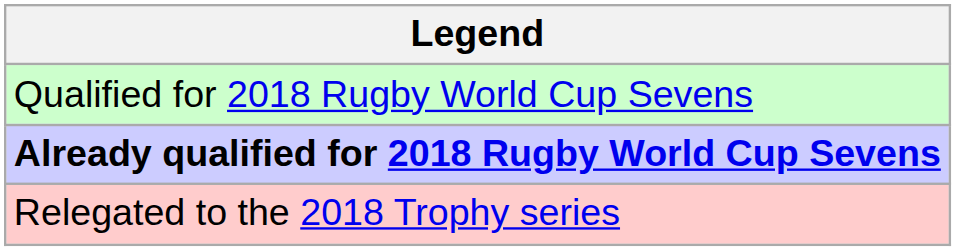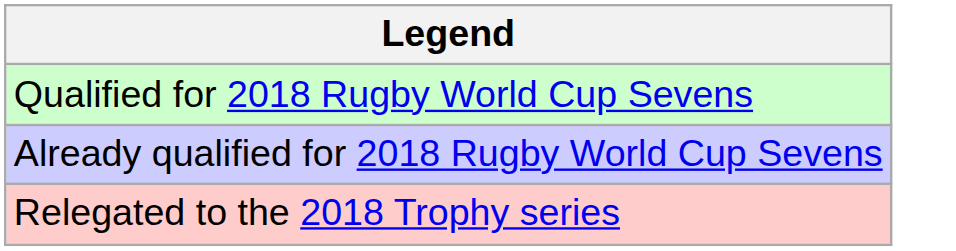 <table class="wikitable">
 <tr>
 <th>Legend</th>
 </tr>
 <tr bgcolor=ccffcc>
 <td>Qualified for <a href='#'>2018 Rugby World Cup Sevens</a></td>
 </tr>
 <tr bgcolor=ccccff>
-<td><strong>Already qualified for <a href='#'>2018 Rugby World Cup Sevens</a></strong></td>
+<td>Already qualified for <a href='#'>2018 Rugby World Cup Sevens</a></td>
 </tr>
 <tr bgcolor=ffcccc>
 <td>Relegated to the <a href='#'>2018 Trophy series</a></td>
 </tr>
 </table>
